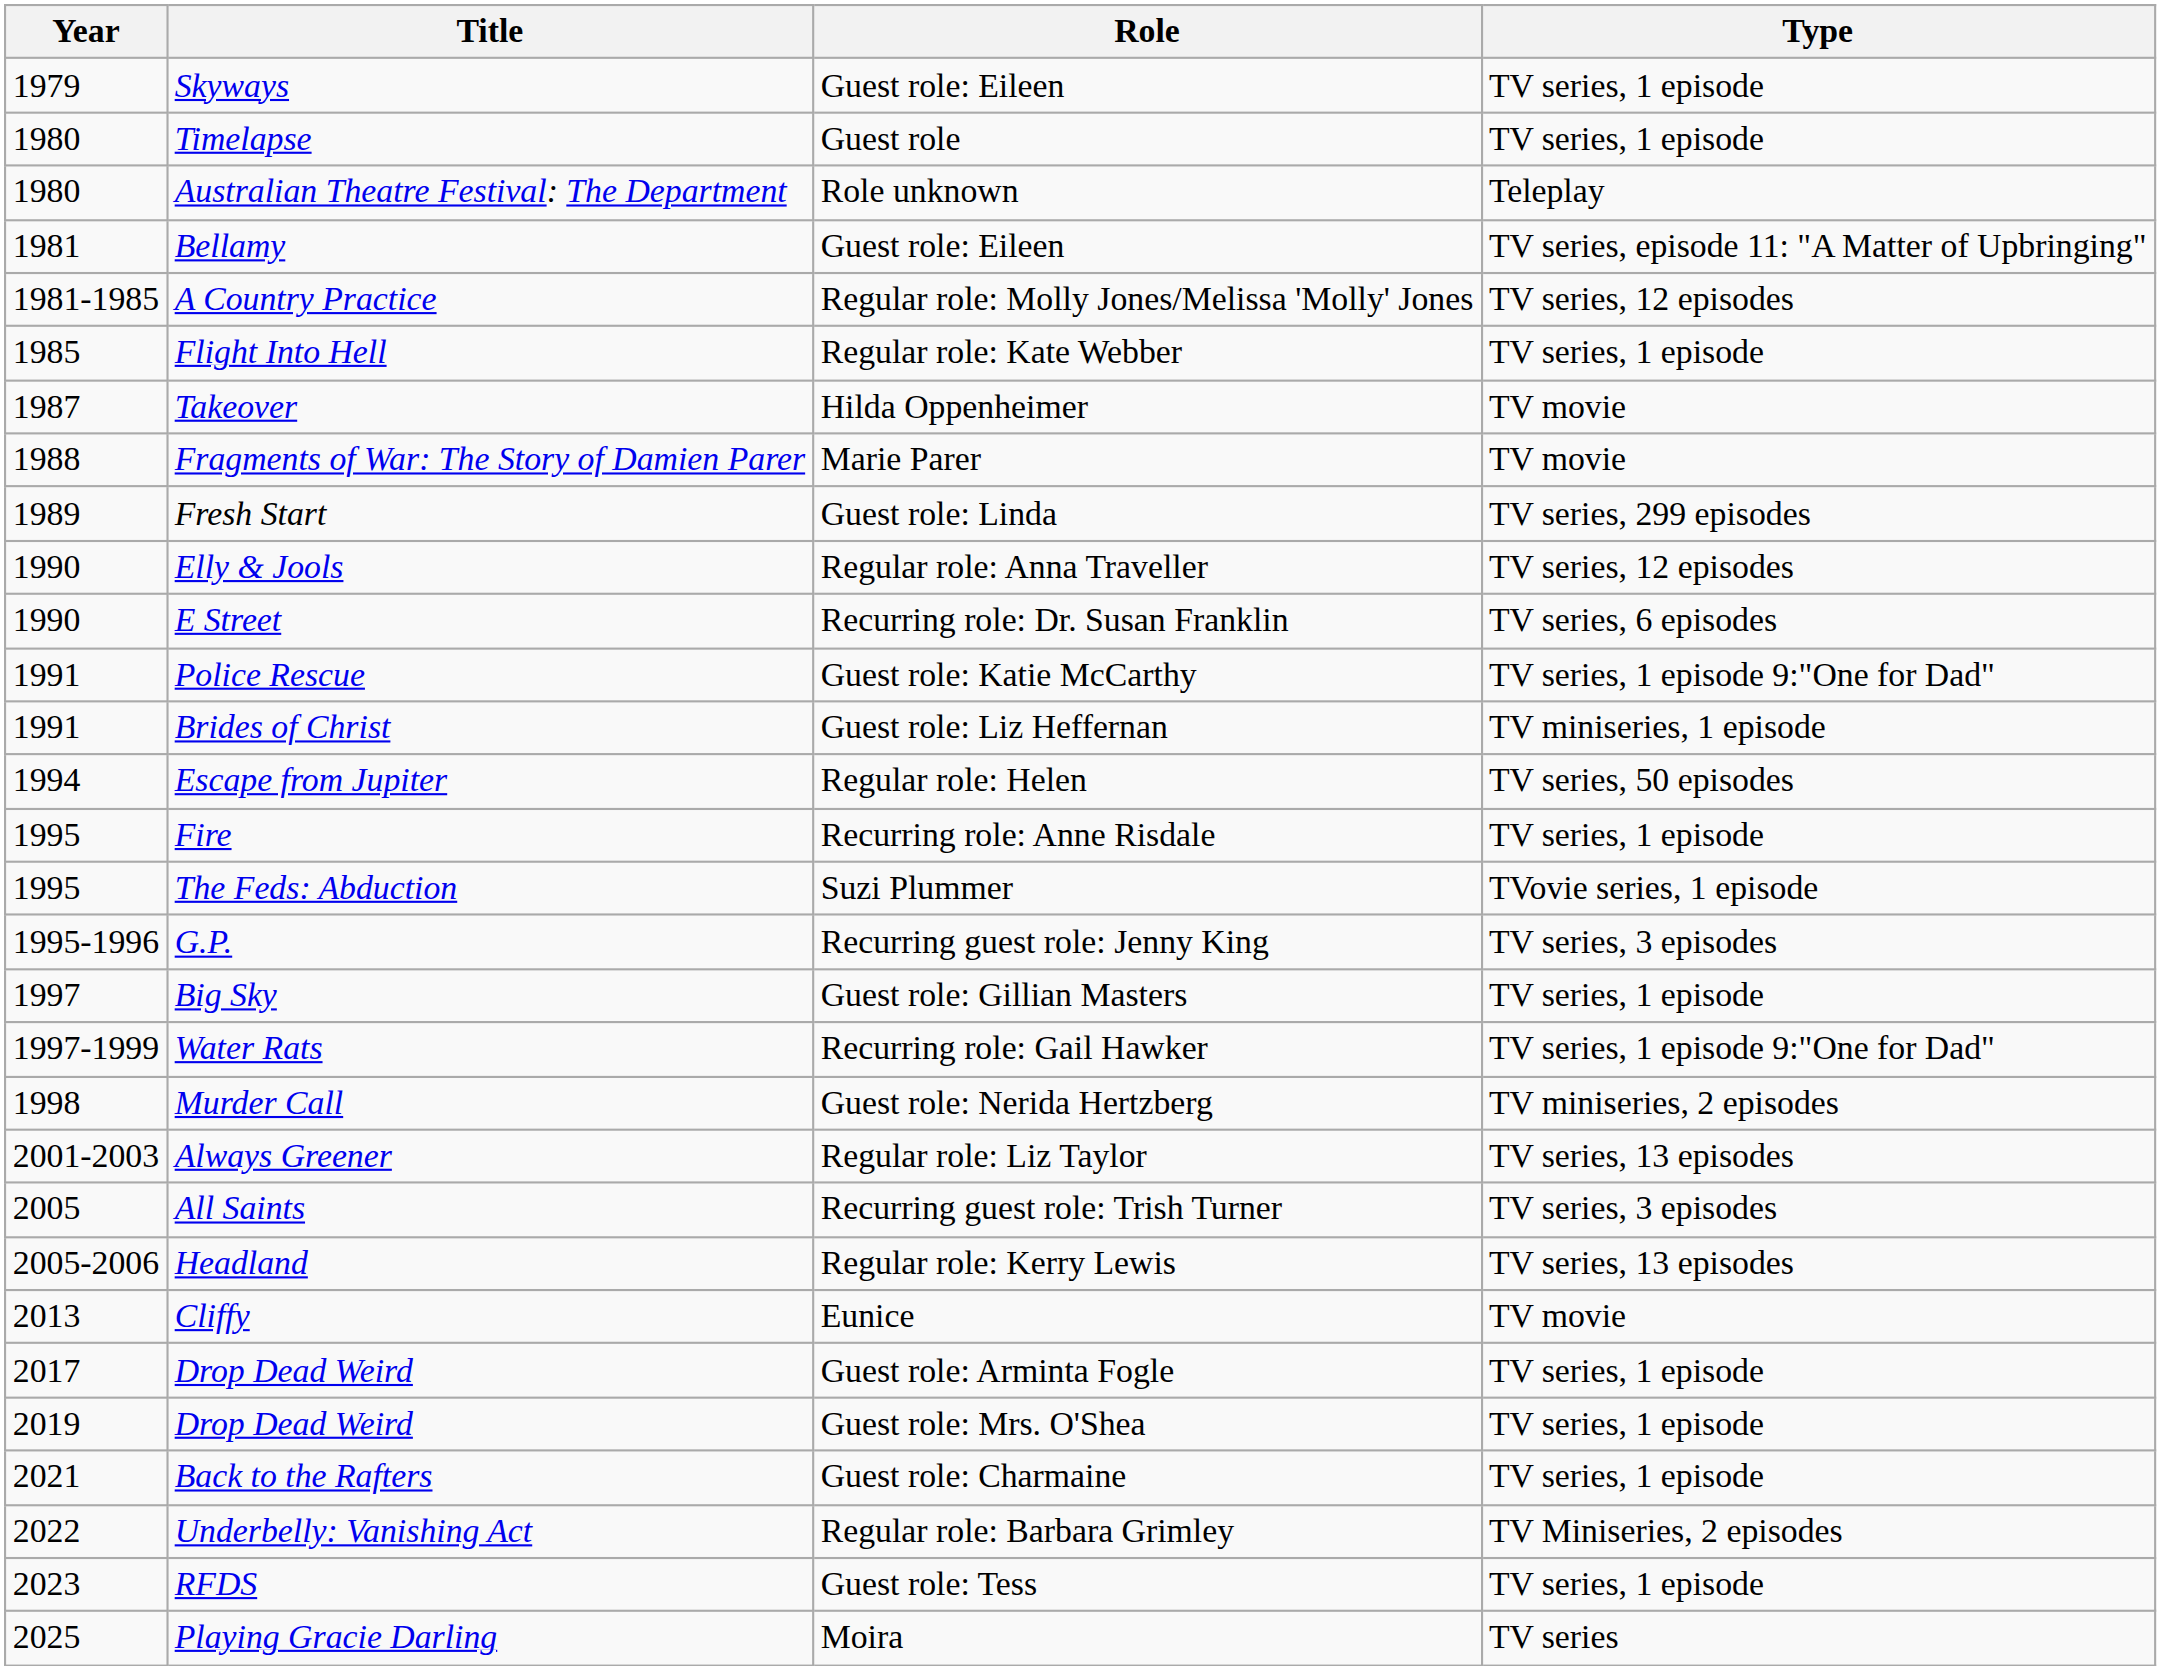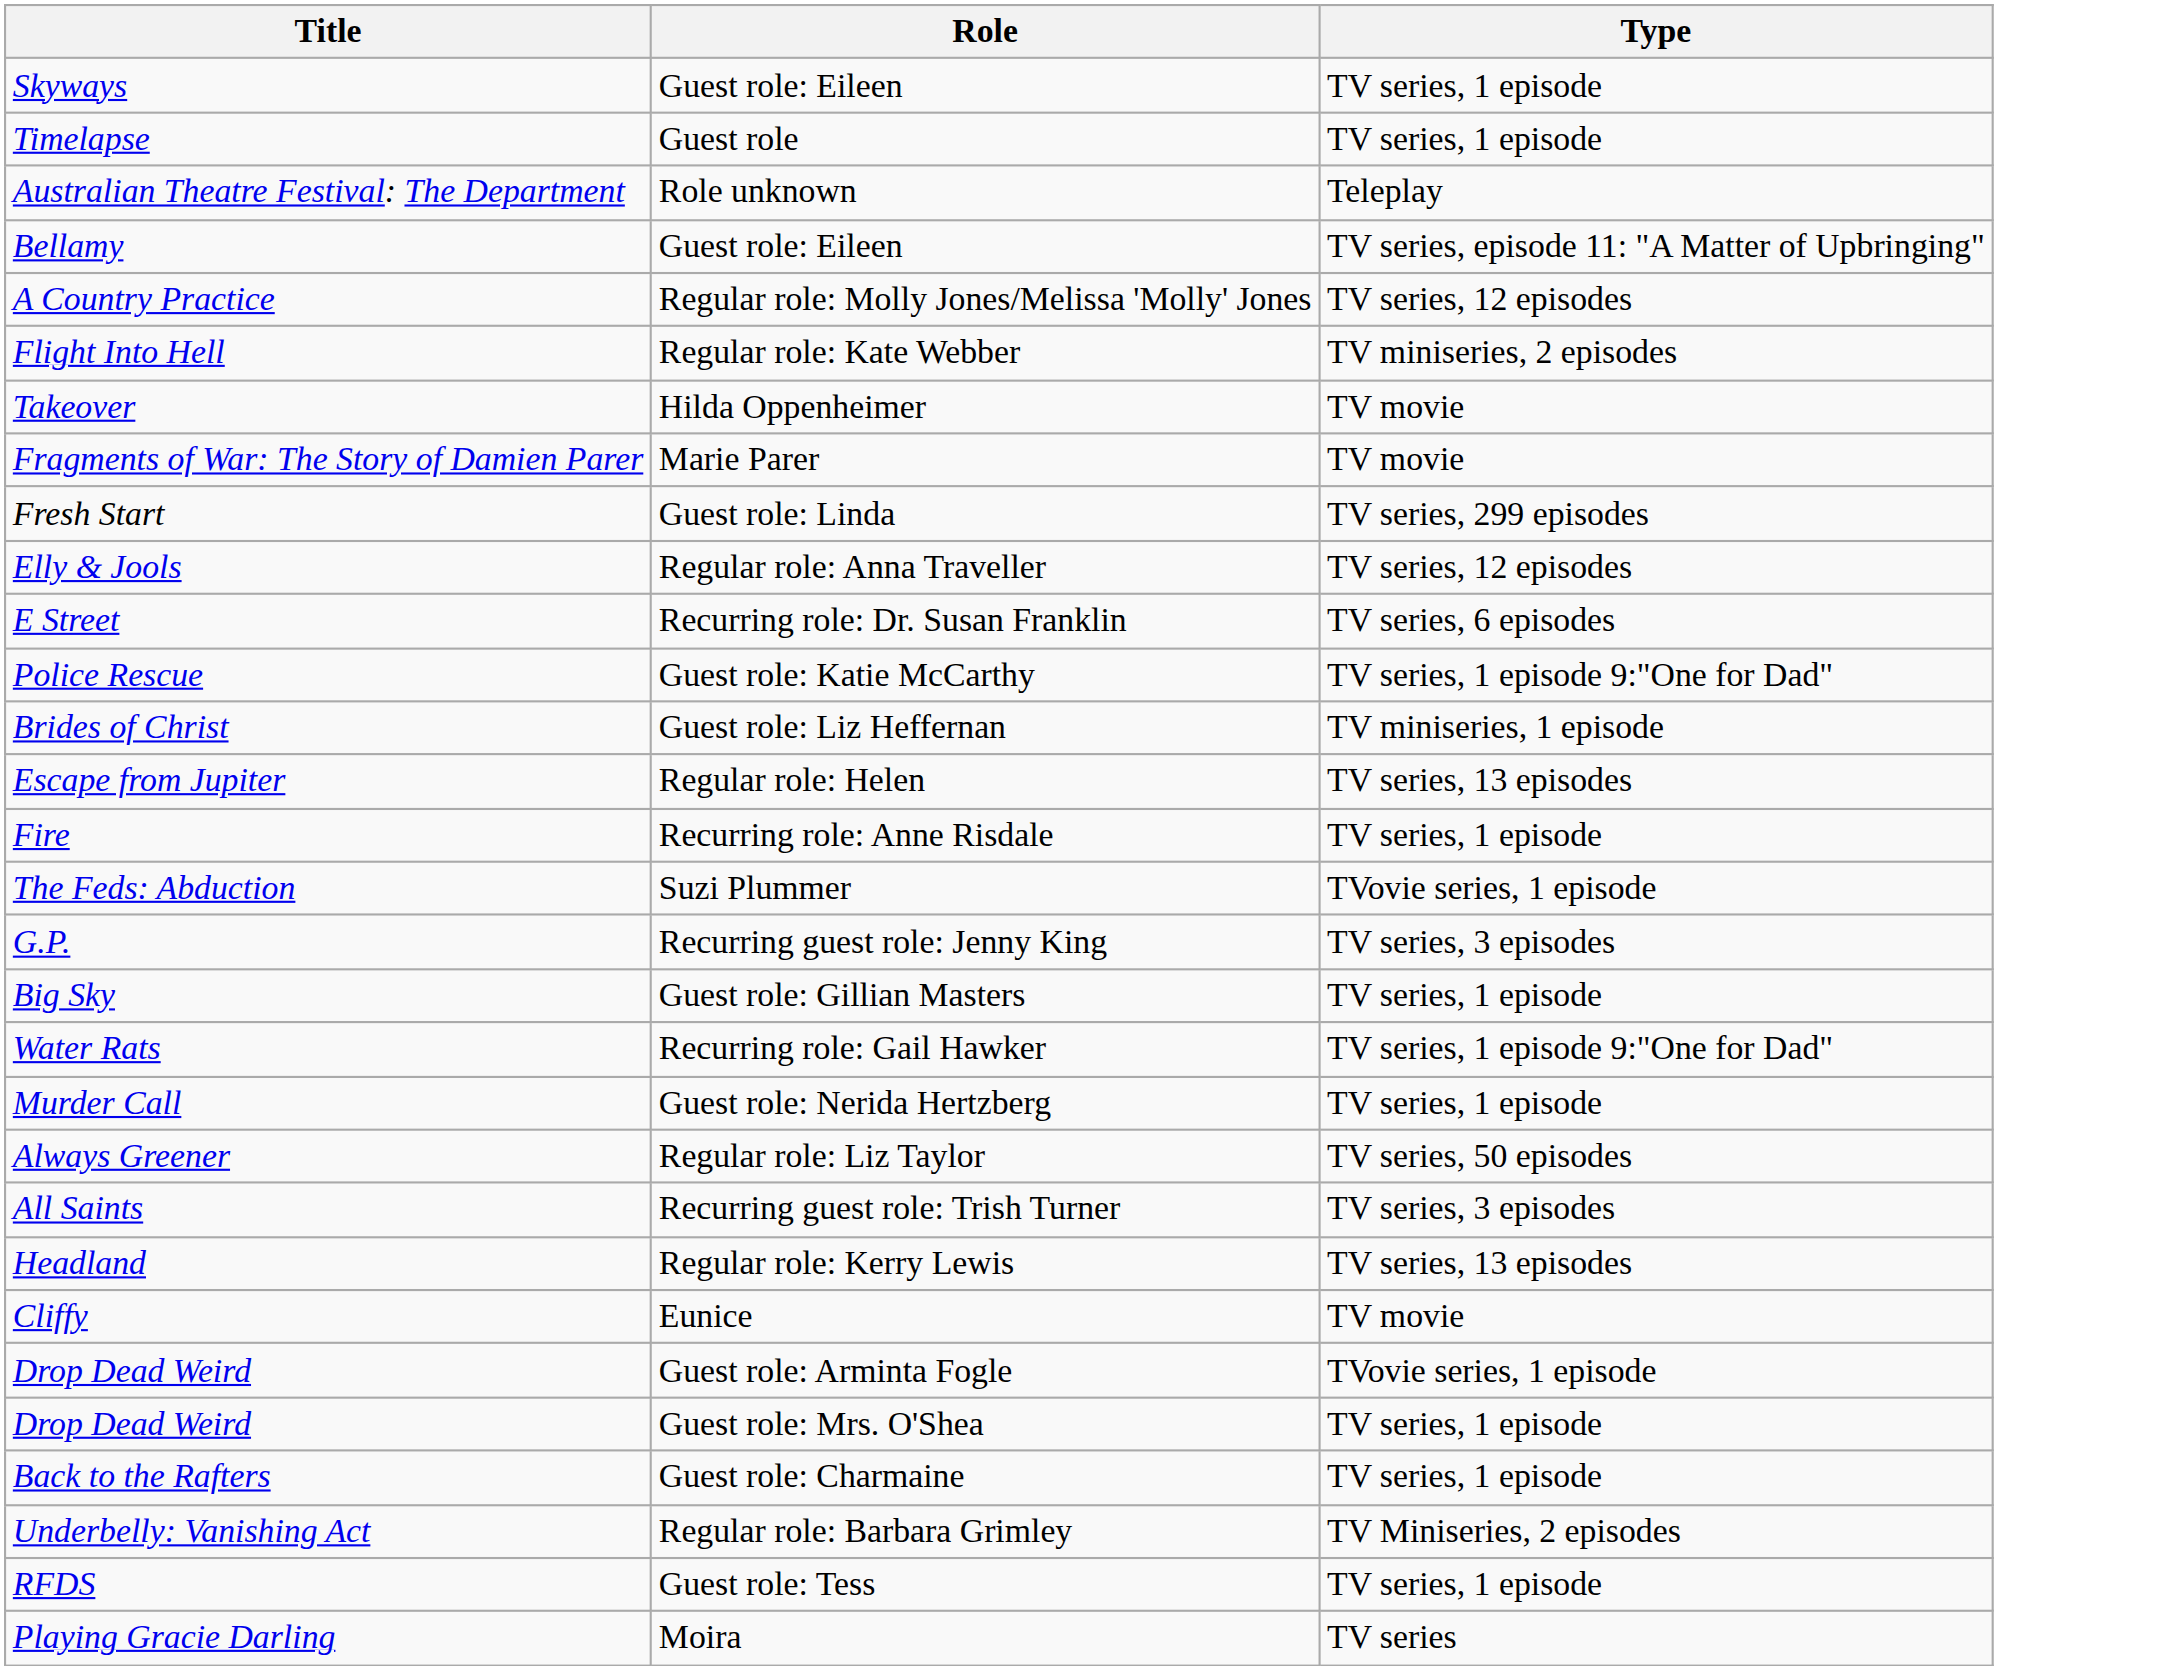 <table class="wikitable">
 <tr>
-<th>Year</th>
 <th>Title</th>
 <th>Role</th>
 <th>Type</th>
 </tr>
 <tr>
-<td>1979</td>
 <td><em><a href='#'>Skyways</a></em></td>
 <td>Guest role: Eileen</td>
 <td>TV series, 1 episode</td>
 </tr>
 <tr>
-<td>1980</td>
 <td><em><a href='#'>Timelapse</a></em></td>
 <td>Guest role</td>
 <td>TV series, 1 episode</td>
 </tr>
 <tr>
-<td>1980</td>
 <td><em><a href='#'>Australian Theatre Festival</a>: <a href='#'>The Department</a></em></td>
 <td>Role unknown</td>
 <td>Teleplay</td>
 </tr>
 <tr>
-<td>1981</td>
 <td><em><a href='#'>Bellamy</a></em></td>
 <td>Guest role: Eileen</td>
 <td>TV series, episode 11: "A Matter of Upbringing"</td>
 </tr>
 <tr>
-<td>1981-1985</td>
 <td><em><a href='#'>A Country Practice</a></em></td>
 <td>Regular role: Molly Jones/Melissa 'Molly' Jones</td>
 <td>TV series, 12 episodes</td>
 </tr>
 <tr>
-<td>1985</td>
 <td><em><a href='#'>Flight Into Hell</a></em></td>
 <td>Regular role: Kate Webber</td>
-<td>TV series, 1 episode</td>
+<td>TV miniseries, 2 episodes</td>
 </tr>
 <tr>
-<td>1987</td>
 <td><em><a href='#'>Takeover</a></em></td>
 <td>Hilda Oppenheimer</td>
 <td>TV movie</td>
 </tr>
 <tr>
-<td>1988</td>
 <td><em><a href='#'>Fragments of War: The Story of Damien Parer</a></em></td>
 <td>Marie Parer</td>
 <td>TV movie</td>
 </tr>
 <tr>
-<td>1989</td>
 <td><em>Fresh Start</em></td>
 <td>Guest role: Linda</td>
 <td>TV series, 299 episodes</td>
 </tr>
 <tr>
-<td>1990</td>
 <td><em><a href='#'>Elly & Jools</a></em></td>
 <td>Regular role: Anna Traveller</td>
 <td>TV series, 12 episodes</td>
 </tr>
 <tr>
-<td>1990</td>
 <td><em><a href='#'>E Street</a></em></td>
 <td>Recurring role: Dr. Susan Franklin</td>
 <td>TV series, 6 episodes</td>
 </tr>
 <tr>
-<td>1991</td>
 <td><em><a href='#'>Police Rescue</a></em></td>
 <td>Guest role: Katie McCarthy</td>
 <td>TV series, 1 episode 9:"One for Dad"</td>
 </tr>
 <tr>
-<td>1991</td>
 <td><em><a href='#'>Brides of Christ</a></em></td>
 <td>Guest role: Liz Heffernan</td>
 <td>TV miniseries, 1 episode</td>
 </tr>
 <tr>
-<td>1994</td>
 <td><em><a href='#'>Escape from Jupiter</a></em></td>
 <td>Regular role: Helen</td>
-<td>TV series, 50 episodes</td>
+<td>TV series, 13 episodes</td>
 </tr>
 <tr>
-<td>1995</td>
 <td><em><a href='#'>Fire</a></em></td>
 <td>Recurring role: Anne Risdale</td>
 <td>TV series, 1 episode</td>
 </tr>
 <tr>
-<td>1995</td>
 <td><em><a href='#'>The Feds: Abduction</a></em></td>
 <td>Suzi Plummer</td>
 <td>TVovie series, 1 episode</td>
 </tr>
 <tr>
-<td>1995-1996</td>
 <td><em><a href='#'>G.P.</a></em></td>
 <td>Recurring guest role: Jenny King</td>
 <td>TV series, 3 episodes</td>
 </tr>
 <tr>
-<td>1997</td>
 <td><em><a href='#'>Big Sky</a></em></td>
 <td>Guest role: Gillian Masters</td>
 <td>TV series, 1 episode</td>
 </tr>
 <tr>
-<td>1997-1999</td>
 <td><em><a href='#'>Water Rats</a></em></td>
 <td>Recurring role: Gail Hawker</td>
 <td>TV series, 1 episode 9:"One for Dad"</td>
 </tr>
 <tr>
-<td>1998</td>
 <td><em><a href='#'>Murder Call</a></em></td>
 <td>Guest role: Nerida Hertzberg</td>
-<td>TV miniseries, 2 episodes</td>
+<td>TV series, 1 episode</td>
 </tr>
 <tr>
-<td>2001-2003</td>
 <td><em><a href='#'>Always Greener</a></em></td>
 <td>Regular role: Liz Taylor</td>
-<td>TV series, 13 episodes</td>
+<td>TV series, 50 episodes</td>
 </tr>
 <tr>
-<td>2005</td>
 <td><em><a href='#'>All Saints</a></em></td>
 <td>Recurring guest role: Trish Turner</td>
 <td>TV series, 3 episodes</td>
 </tr>
 <tr>
-<td>2005-2006</td>
 <td><em><a href='#'>Headland</a></em></td>
 <td>Regular role: Kerry Lewis</td>
 <td>TV series, 13 episodes</td>
 </tr>
 <tr>
-<td>2013</td>
 <td><em><a href='#'>Cliffy</a></em></td>
 <td>Eunice</td>
 <td>TV movie</td>
 </tr>
 <tr>
-<td>2017</td>
 <td><em><a href='#'>Drop Dead Weird</a></em></td>
 <td>Guest role: Arminta Fogle</td>
-<td>TV series, 1 episode</td>
+<td>TVovie series, 1 episode</td>
 </tr>
 <tr>
-<td>2019</td>
 <td><em><a href='#'>Drop Dead Weird</a></em></td>
 <td>Guest role: Mrs. O'Shea</td>
 <td>TV series, 1 episode</td>
 </tr>
 <tr>
-<td>2021</td>
 <td><em><a href='#'>Back to the Rafters</a></em></td>
 <td>Guest role: Charmaine</td>
 <td>TV series, 1 episode</td>
 </tr>
 <tr>
-<td>2022</td>
 <td><em><a href='#'>Underbelly: Vanishing Act</a></em></td>
 <td>Regular role: Barbara Grimley</td>
 <td>TV Miniseries, 2 episodes</td>
 </tr>
 <tr>
-<td>2023</td>
 <td><em><a href='#'>RFDS</a></em></td>
 <td>Guest role: Tess</td>
 <td>TV series, 1 episode</td>
 </tr>
 <tr>
-<td>2025</td>
 <td><em><a href='#'>Playing Gracie Darling</a></em></td>
 <td>Moira</td>
 <td>TV series</td>
 </tr>
 </table>
